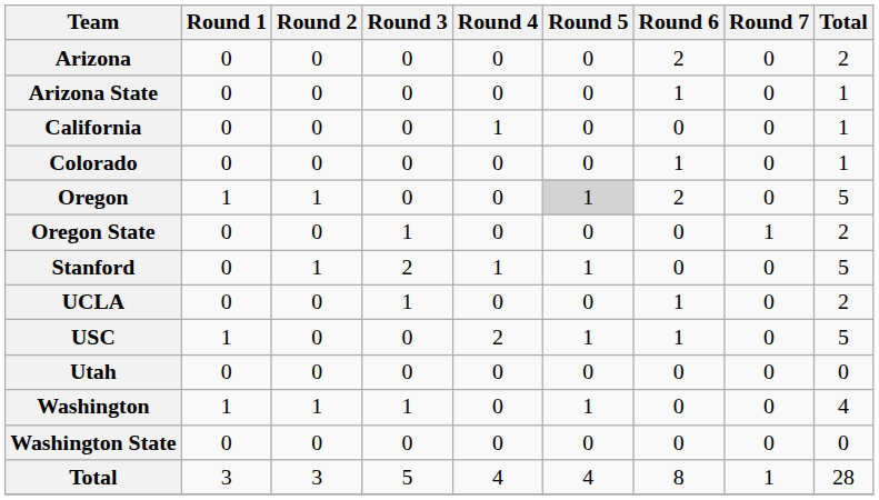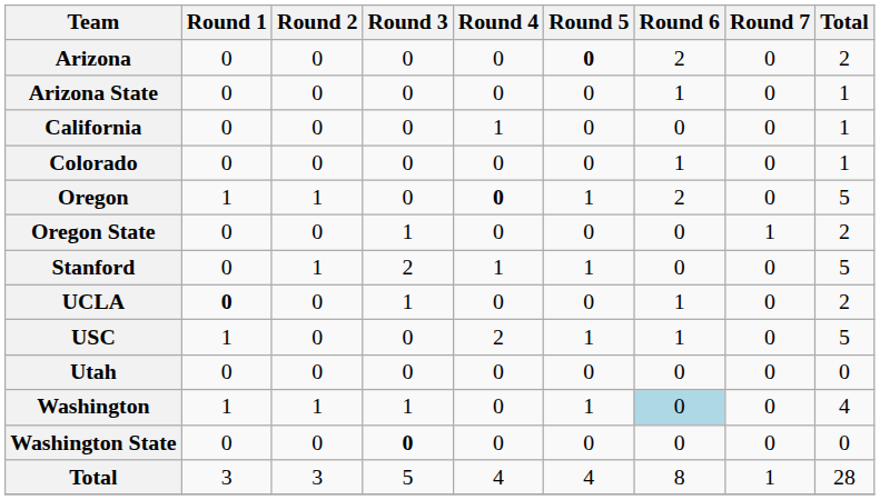 <table class="wikitable sortable" style="text-align: center;">
 <tr>
 <th>Team</th>
 <th>Round 1</th>
 <th>Round 2</th>
 <th>Round 3</th>
 <th>Round 4</th>
 <th>Round 5</th>
 <th>Round 6</th>
 <th>Round 7</th>
 <th>Total</th>
 </tr>
 <tr>
 <th style=>Arizona</th>
 <td>0</td>
 <td>0</td>
 <td>0</td>
 <td>0</td>
-<td>0</td>
+<td><strong>0</strong></td>
 <td>2</td>
 <td>0</td>
 <td>2</td>
 </tr>
 <tr>
 <th style=>Arizona State</th>
 <td>0</td>
 <td>0</td>
 <td>0</td>
 <td>0</td>
 <td>0</td>
 <td>1</td>
 <td>0</td>
 <td>1</td>
 </tr>
 <tr>
 <th style=>California</th>
 <td>0</td>
 <td>0</td>
 <td>0</td>
 <td>1</td>
 <td>0</td>
 <td>0</td>
 <td>0</td>
 <td>1</td>
 </tr>
 <tr>
 <th style=>Colorado</th>
 <td>0</td>
 <td>0</td>
 <td>0</td>
 <td>0</td>
 <td>0</td>
 <td>1</td>
 <td>0</td>
 <td>1</td>
 </tr>
 <tr>
 <th style=>Oregon</th>
 <td>1</td>
 <td>1</td>
 <td>0</td>
-<td>0</td>
-<td style="background: lightgrey;">1</td>
+<td><strong>0</strong></td>
+<td>1</td>
 <td>2</td>
 <td>0</td>
 <td>5</td>
 </tr>
 <tr>
 <th style=>Oregon State</th>
 <td>0</td>
 <td>0</td>
 <td>1</td>
 <td>0</td>
 <td>0</td>
 <td>0</td>
 <td>1</td>
 <td>2</td>
 </tr>
 <tr>
 <th style=>Stanford</th>
 <td>0</td>
 <td>1</td>
 <td>2</td>
 <td>1</td>
 <td>1</td>
 <td>0</td>
 <td>0</td>
 <td>5</td>
 </tr>
 <tr>
 <th style=>UCLA</th>
-<td>0</td>
+<td><strong>0</strong></td>
 <td>0</td>
 <td>1</td>
 <td>0</td>
 <td>0</td>
 <td>1</td>
 <td>0</td>
 <td>2</td>
 </tr>
 <tr>
 <th style=>USC</th>
 <td>1</td>
 <td>0</td>
 <td>0</td>
 <td>2</td>
 <td>1</td>
 <td>1</td>
 <td>0</td>
 <td>5</td>
 </tr>
 <tr>
 <th style=>Utah</th>
 <td>0</td>
 <td>0</td>
 <td>0</td>
 <td>0</td>
 <td>0</td>
 <td>0</td>
 <td>0</td>
 <td>0</td>
 </tr>
 <tr>
 <th style=>Washington</th>
 <td>1</td>
 <td>1</td>
 <td>1</td>
 <td>0</td>
 <td>1</td>
-<td>0</td>
+<td style="background: lightblue;">0</td>
 <td>0</td>
 <td>4</td>
 </tr>
 <tr>
 <th style=>Washington State</th>
 <td>0</td>
 <td>0</td>
-<td>0</td>
+<td><strong>0</strong></td>
 <td>0</td>
 <td>0</td>
 <td>0</td>
 <td>0</td>
 <td>0</td>
 </tr>
 <tr>
 <th>Total</th>
 <td>3</td>
 <td>3</td>
 <td>5</td>
 <td>4</td>
 <td>4</td>
 <td>8</td>
 <td>1</td>
 <td>28</td>
 </tr>
 <tr>
 </tr>
 </table>
